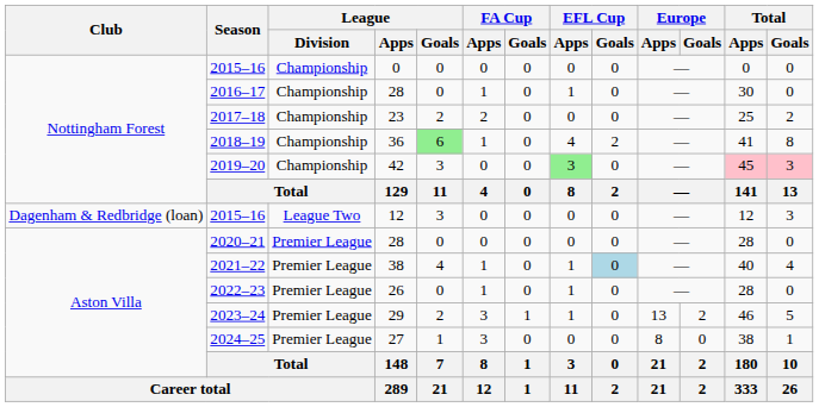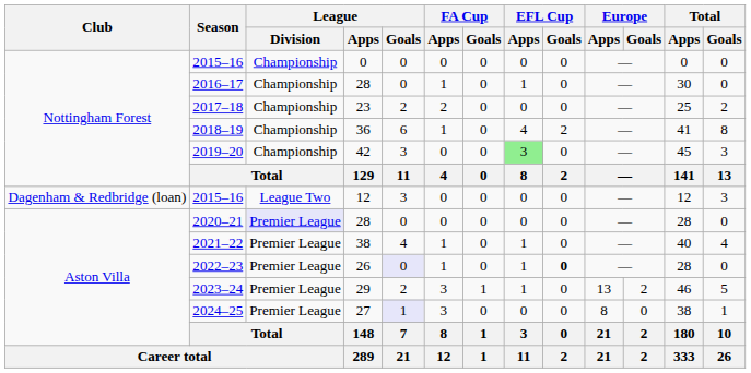 <table class=wikitable style="text-align: center;">
 <tr>
 <th rowspan="2">Club</th>
 <th rowspan="2">Season</th>
 <th colspan="3">League</th>
 <th colspan="2"><a href='#'>FA Cup</a></th>
 <th colspan="2"><a href='#'>EFL Cup</a></th>
 <th colspan="2"><a href='#'>Europe</a></th>
 <th colspan="2">Total</th>
 </tr>
 <tr>
 <th>Division</th>
 <th>Apps</th>
 <th>Goals</th>
 <th>Apps</th>
 <th>Goals</th>
 <th>Apps</th>
 <th>Goals</th>
 <th>Apps</th>
 <th>Goals</th>
 <th>Apps</th>
 <th>Goals</th>
 </tr>
 <tr>
 <td rowspan="6"><a href='#'>Nottingham Forest</a></td>
 <td><a href='#'>2015–16</a></td>
 <td><a href='#'>Championship</a></td>
 <td>0</td>
 <td>0</td>
 <td>0</td>
 <td>0</td>
 <td>0</td>
 <td>0</td>
 <td colspan="2">—</td>
 <td>0</td>
 <td>0</td>
 </tr>
 <tr>
 <td><a href='#'>2016–17</a></td>
 <td>Championship</td>
 <td>28</td>
 <td>0</td>
 <td>1</td>
 <td>0</td>
 <td>1</td>
 <td>0</td>
 <td colspan="2">—</td>
 <td>30</td>
 <td>0</td>
 </tr>
 <tr>
 <td><a href='#'>2017–18</a></td>
 <td>Championship</td>
 <td>23</td>
 <td>2</td>
 <td>2</td>
 <td>0</td>
 <td>0</td>
 <td>0</td>
 <td colspan="2">—</td>
 <td>25</td>
 <td>2</td>
 </tr>
 <tr>
 <td><a href='#'>2018–19</a></td>
 <td>Championship</td>
 <td>36</td>
-<td style="background: lightgreen;">6</td>
+<td>6</td>
 <td>1</td>
 <td>0</td>
 <td>4</td>
 <td>2</td>
 <td colspan="2">—</td>
 <td>41</td>
 <td>8</td>
 </tr>
 <tr>
 <td><a href='#'>2019–20</a></td>
 <td>Championship</td>
 <td>42</td>
 <td>3</td>
 <td>0</td>
 <td>0</td>
 <td style="background: lightgreen;">3</td>
 <td>0</td>
 <td colspan="2">—</td>
-<td style="background: pink;">45</td>
-<td style="background: pink;">3</td>
+<td>45</td>
+<td>3</td>
 </tr>
 <tr>
 <th colspan="2">Total</th>
 <th>129</th>
 <th>11</th>
 <th>4</th>
 <th>0</th>
 <th>8</th>
 <th>2</th>
 <th colspan="2">—</th>
 <th>141</th>
 <th>13</th>
 </tr>
 <tr>
 <td><a href='#'>Dagenham & Redbridge</a> (loan)</td>
 <td><a href='#'>2015–16</a></td>
 <td><a href='#'>League Two</a></td>
 <td>12</td>
 <td>3</td>
 <td>0</td>
 <td>0</td>
 <td>0</td>
 <td>0</td>
 <td colspan="2">—</td>
 <td>12</td>
 <td>3</td>
 </tr>
 <tr>
 <td rowspan="6"><a href='#'>Aston Villa</a></td>
 <td><a href='#'>2020–21</a></td>
-<td><a href='#'>Premier League</a></td>
+<td style="background: lavender;"><a href='#'>Premier League</a></td>
 <td>28</td>
 <td>0</td>
 <td>0</td>
 <td>0</td>
 <td>0</td>
 <td>0</td>
 <td colspan="2">—</td>
 <td>28</td>
 <td>0</td>
 </tr>
 <tr>
 <td><a href='#'>2021–22</a></td>
 <td>Premier League</td>
 <td>38</td>
 <td>4</td>
 <td>1</td>
 <td>0</td>
 <td>1</td>
-<td style="background: lightblue;">0</td>
+<td>0</td>
 <td colspan="2">—</td>
 <td>40</td>
 <td>4</td>
 </tr>
 <tr>
 <td><a href='#'>2022–23</a></td>
 <td>Premier League</td>
 <td>26</td>
-<td>0</td>
+<td style="background: lavender;">0</td>
 <td>1</td>
 <td>0</td>
 <td>1</td>
-<td>0</td>
+<td><strong>0</strong></td>
 <td colspan="2">—</td>
 <td>28</td>
 <td>0</td>
 </tr>
 <tr>
 <td><a href='#'>2023–24</a></td>
 <td>Premier League</td>
 <td>29</td>
 <td>2</td>
 <td>3</td>
 <td>1</td>
 <td>1</td>
 <td>0</td>
 <td>13</td>
 <td>2</td>
 <td>46</td>
 <td>5</td>
 </tr>
 <tr>
 <td><a href='#'>2024–25</a></td>
 <td>Premier League</td>
 <td>27</td>
-<td>1</td>
+<td style="background: lavender;">1</td>
 <td>3</td>
 <td>0</td>
 <td>0</td>
 <td>0</td>
 <td>8</td>
 <td>0</td>
 <td>38</td>
 <td>1</td>
 </tr>
 <tr>
 <th colspan="2">Total</th>
 <th>148</th>
 <th>7</th>
 <th>8</th>
 <th>1</th>
 <th>3</th>
 <th>0</th>
 <th>21</th>
 <th>2</th>
 <th>180</th>
 <th>10</th>
 </tr>
 <tr>
 <th colspan="3">Career total</th>
 <th>289</th>
 <th>21</th>
 <th>12</th>
 <th>1</th>
 <th>11</th>
 <th>2</th>
 <th>21</th>
 <th>2</th>
 <th>333</th>
 <th>26</th>
 </tr>
 </table>
